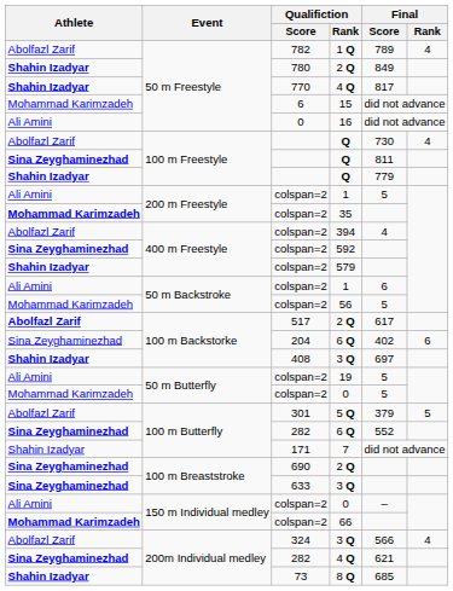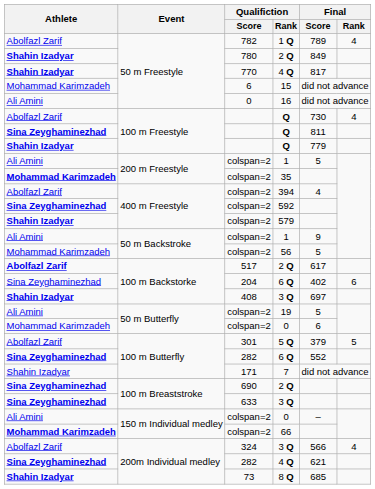 <table class=wikitable style=font-size:90%>
 <tr>
 <th rowspan=2>Athlete</th>
 <th rowspan=2>Event</th>
 <th colspan=2>Qualifiction</th>
 <th colspan=2>Final</th>
 </tr>
 <tr style=font-size:95%>
 <th>Score</th>
 <th>Rank</th>
 <th>Score</th>
 <th>Rank</th>
 </tr>
 <tr align=center>
 <td align=left><a href='#'>Abolfazl Zarif</a></td>
 <td align=left rowspan="5">50 m Freestyle</td>
 <td>782</td>
 <td>1 <strong>Q</strong></td>
 <td>789</td>
 <td>4</td>
 </tr>
 <tr align=center>
 <td align=left><strong><a href='#'>Shahin Izadyar</a></strong></td>
 <td>780</td>
 <td>2 <strong>Q</strong></td>
 <td>849</td>
 <td></td>
 </tr>
 <tr align=center>
 <td align=left><strong><a href='#'>Shahin Izadyar</a></strong></td>
 <td>770</td>
 <td>4 <strong>Q</strong></td>
 <td>817</td>
 <td></td>
 </tr>
 <tr align=center>
 <td align=left><a href='#'>Mohammad Karimzadeh</a></td>
 <td>6</td>
 <td>15</td>
 <td colspan=2>did not advance</td>
 </tr>
 <tr align=center>
 <td align=left><a href='#'>Ali Amini</a></td>
 <td>0</td>
 <td>16</td>
 <td colspan=2>did not advance</td>
 </tr>
 <tr align=center>
 <td align=left><a href='#'>Abolfazl Zarif</a></td>
 <td align=left rowspan="3">100 m Freestyle</td>
 <td></td>
 <td><strong>Q</strong></td>
 <td>730</td>
 <td>4</td>
 </tr>
 <tr align=center>
 <td align=left><strong><a href='#'>Sina Zeyghaminezhad</a></strong></td>
 <td></td>
 <td><strong>Q</strong></td>
 <td>811</td>
 <td></td>
 </tr>
 <tr align=center>
 <td align=left><strong><a href='#'>Shahin Izadyar</a></strong></td>
 <td></td>
 <td><strong>Q</strong></td>
 <td>779</td>
 <td></td>
 </tr>
 <tr align=center>
 <td align=left><a href='#'>Ali Amini</a></td>
 <td align=left rowspan="2">200 m Freestyle</td>
 <td>colspan=2 </td>
 <td>1</td>
 <td>5</td>
 </tr>
 <tr align=center>
 <td align=left><strong><a href='#'>Mohammad Karimzadeh</a></strong></td>
 <td>colspan=2 </td>
 <td>35</td>
 <td></td>
 </tr>
 <tr align=center>
 <td align=left><a href='#'>Abolfazl Zarif</a></td>
 <td align=left rowspan="3">400 m Freestyle</td>
 <td>colspan=2 </td>
 <td>394</td>
 <td>4</td>
 </tr>
 <tr align=center>
 <td align=left><strong><a href='#'>Sina Zeyghaminezhad</a></strong></td>
 <td>colspan=2 </td>
 <td>592</td>
 <td></td>
 </tr>
 <tr align=center>
 <td align=left><strong><a href='#'>Shahin Izadyar</a></strong></td>
 <td>colspan=2 </td>
 <td>579</td>
 <td></td>
 </tr>
 <tr align=center>
 <td align=left><a href='#'>Ali Amini</a></td>
 <td align=left rowspan="2">50 m Backstroke</td>
 <td>colspan=2 </td>
 <td>1</td>
-<td>6</td>
+<td>9</td>
 </tr>
 <tr align=center>
 <td align=left><a href='#'>Mohammad Karimzadeh</a></td>
 <td>colspan=2 </td>
 <td>56</td>
 <td>5</td>
 </tr>
 <tr align=center>
 <td align=left><strong><a href='#'>Abolfazl Zarif</a></strong></td>
 <td align=left rowspan="3">100 m Backstorke</td>
 <td>517</td>
 <td>2 <strong>Q</strong></td>
 <td>617</td>
 <td></td>
 </tr>
 <tr align=center>
 <td align=left><a href='#'>Sina Zeyghaminezhad</a></td>
 <td>204</td>
 <td>6 <strong>Q</strong></td>
 <td>402</td>
 <td>6</td>
 </tr>
 <tr align=center>
 <td align=left><strong><a href='#'>Shahin Izadyar</a></strong></td>
 <td>408</td>
 <td>3 <strong>Q</strong></td>
 <td>697</td>
 <td></td>
 </tr>
 <tr align=center>
 <td align=left><a href='#'>Ali Amini</a></td>
 <td align=left rowspan="2">50 m Butterfly</td>
 <td>colspan=2 </td>
 <td>19</td>
 <td>5</td>
 </tr>
 <tr align=center>
 <td align=left><a href='#'>Mohammad Karimzadeh</a></td>
 <td>colspan=2 </td>
 <td>0</td>
-<td>5</td>
+<td>6</td>
 </tr>
 <tr align=center>
 <td align=left><a href='#'>Abolfazl Zarif</a></td>
 <td align=left rowspan="3">100 m Butterfly</td>
 <td>301</td>
 <td>5 <strong>Q</strong></td>
 <td>379</td>
 <td>5</td>
 </tr>
 <tr align=center>
 <td align=left><strong><a href='#'>Sina Zeyghaminezhad</a></strong></td>
 <td>282</td>
 <td>6 <strong>Q</strong></td>
 <td>552</td>
 <td></td>
 </tr>
 <tr align=center>
 <td align=left><a href='#'>Shahin Izadyar</a></td>
 <td>171</td>
 <td>7</td>
 <td colspan=2>did not advance</td>
 </tr>
 <tr align=center>
 <td align=left><strong><a href='#'>Sina Zeyghaminezhad</a></strong></td>
 <td align=left rowspan="2">100 m Breaststroke</td>
 <td>690</td>
 <td>2 <strong>Q</strong></td>
 <td></td>
 <td></td>
 </tr>
 <tr align=center>
 <td align=left><strong><a href='#'>Sina Zeyghaminezhad</a></strong></td>
 <td>633</td>
 <td>3 <strong>Q</strong></td>
 <td></td>
 <td></td>
 </tr>
 <tr align=center>
 <td align=left><a href='#'>Ali Amini</a></td>
 <td align=left rowspan="2">150 m Individual medley</td>
 <td>colspan=2 </td>
 <td>0</td>
 <td>–</td>
 </tr>
 <tr align=center>
 <td align=left><strong><a href='#'>Mohammad Karimzadeh</a></strong></td>
 <td>colspan=2 </td>
 <td>66</td>
 <td></td>
 </tr>
 <tr align=center>
 <td align=left><a href='#'>Abolfazl Zarif</a></td>
 <td align=left rowspan="3">200m Individual medley</td>
 <td>324</td>
 <td>3 <strong>Q</strong></td>
 <td>566</td>
 <td>4</td>
 </tr>
 <tr align=center>
 <td align=left><strong><a href='#'>Sina Zeyghaminezhad</a></strong></td>
 <td>282</td>
 <td>4 <strong>Q</strong></td>
 <td>621</td>
 <td></td>
 </tr>
 <tr align=center>
 <td align=left><strong><a href='#'>Shahin Izadyar</a></strong></td>
 <td>73</td>
 <td>8 <strong>Q</strong></td>
 <td>685</td>
 <td></td>
 </tr>
 </table>
